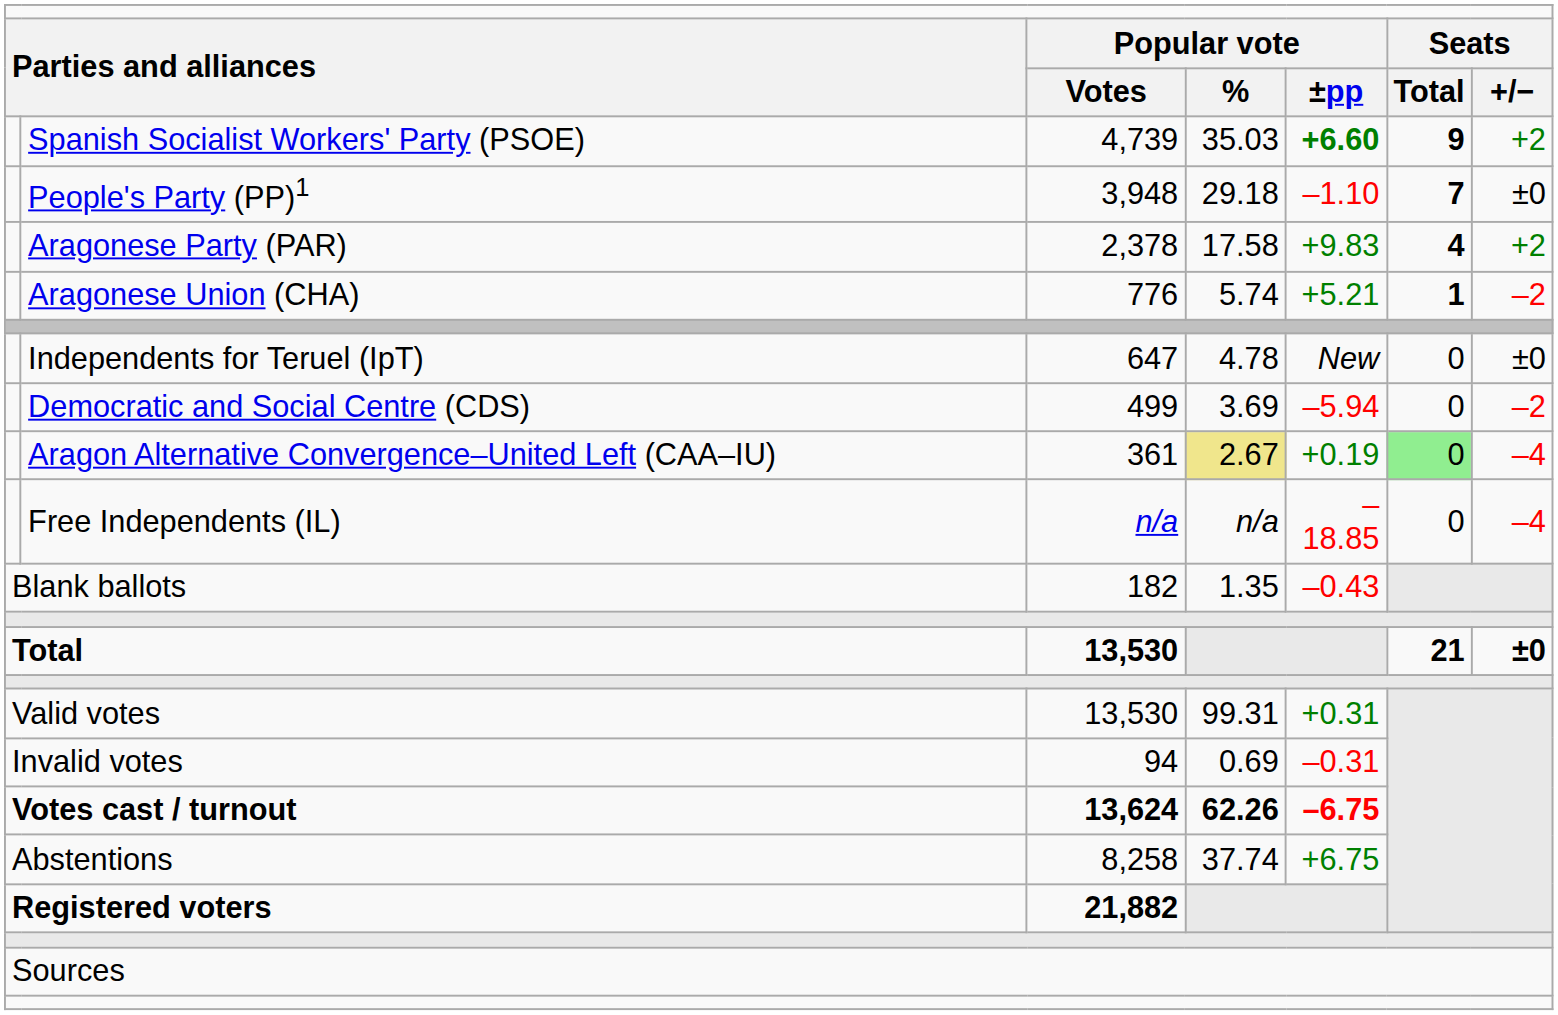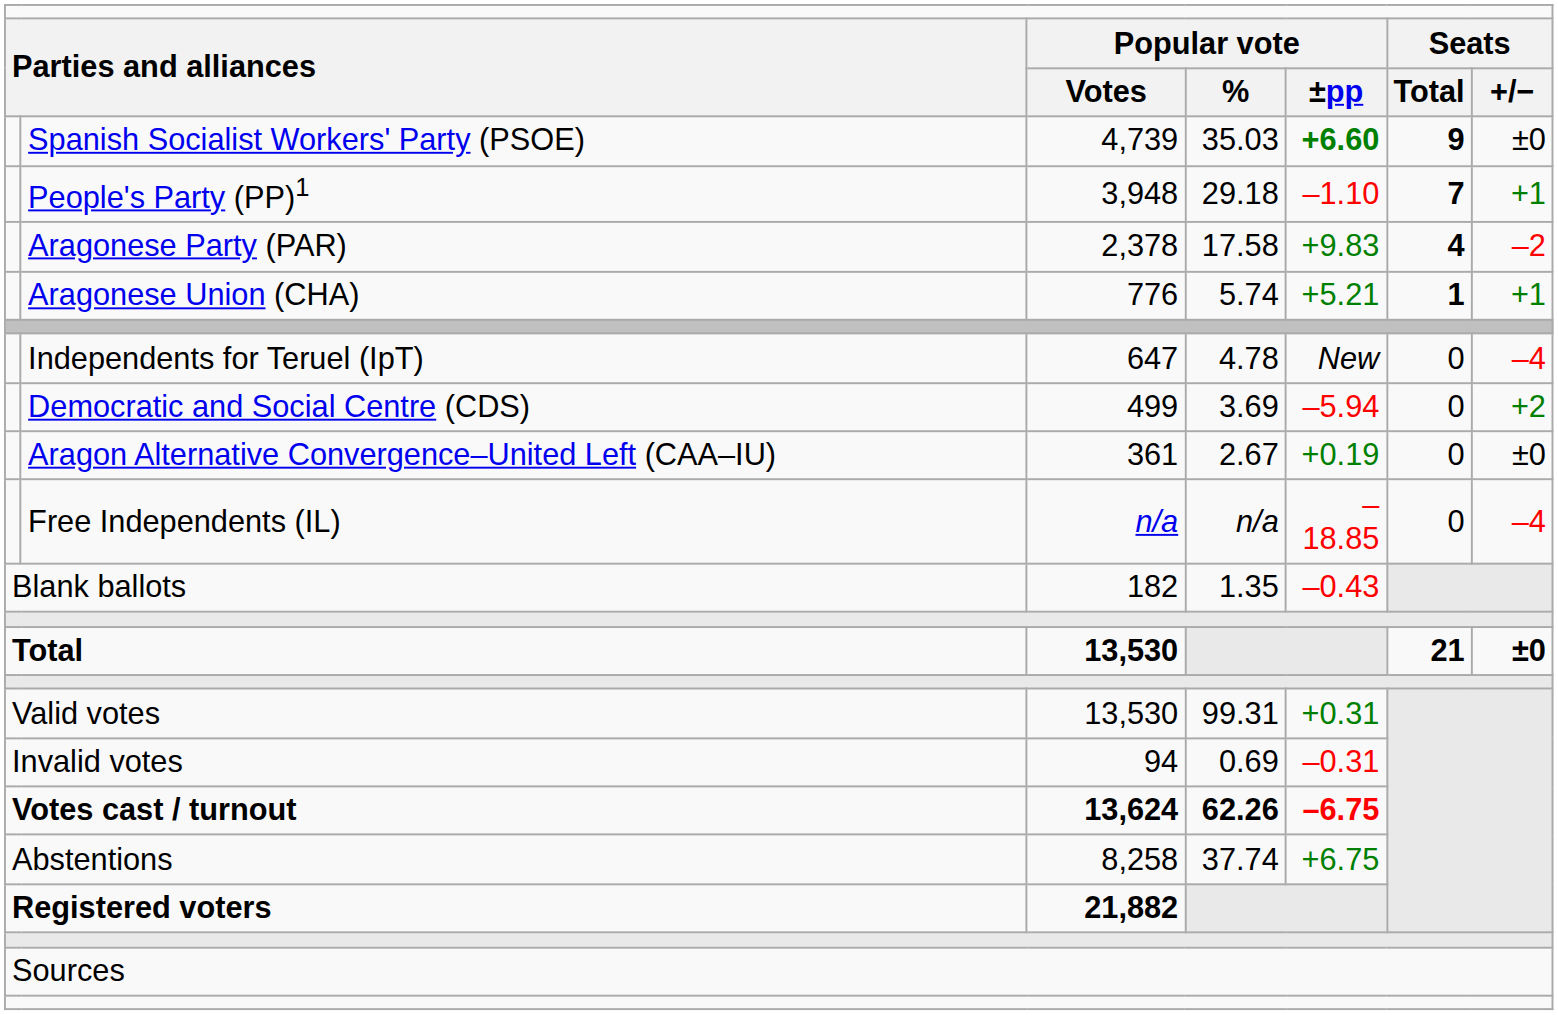 <table class="wikitable" style="text-align:right;">
 <tr>
 <td colspan="7"></td>
 </tr>
 <tr>
 <th style="text-align:left;" rowspan="2" colspan="2" width="525">Parties and alliances</th>
 <th colspan="3">Popular vote</th>
 <th colspan="2">Seats</th>
 </tr>
 <tr>
 <th width="75">Votes</th>
 <th width="45">%</th>
 <th width="45">±<a href='#'>pp</a></th>
 <th width="35">Total</th>
 <th width="35">+/−</th>
 </tr>
 <tr>
 <td width="1" style="color:inherit;background:"></td>
 <td align="left"><a href='#'>Spanish Socialist Workers' Party</a> (PSOE)</td>
 <td>4,739</td>
 <td>35.03</td>
 <td style="color:green;"><strong>+6.60</strong></td>
 <td><strong>9</strong></td>
-<td style="color:green;">+2</td>
+<td>±0</td>
 </tr>
 <tr>
 <td style="color:inherit;background:"></td>
 <td align="left"><a href='#'>People's Party</a> (PP)<sup>1</sup></td>
 <td>3,948</td>
 <td>29.18</td>
 <td style="color:red;">–1.10</td>
 <td><strong>7</strong></td>
-<td>±0</td>
+<td style="color:green;">+1</td>
 </tr>
 <tr>
 <td style="color:inherit;background:"></td>
 <td align="left"><a href='#'>Aragonese Party</a> (PAR)</td>
 <td>2,378</td>
 <td>17.58</td>
 <td style="color:green;">+9.83</td>
 <td><strong>4</strong></td>
-<td style="color:green;">+2</td>
+<td style="color:red;">–2</td>
 </tr>
 <tr>
 <td style="color:inherit;background:"></td>
 <td align="left"><a href='#'>Aragonese Union</a> (CHA)</td>
 <td>776</td>
 <td>5.74</td>
 <td style="color:green;">+5.21</td>
 <td><strong>1</strong></td>
-<td style="color:red;">–2</td>
+<td style="color:green;">+1</td>
 </tr>
 <tr>
 <td colspan="7" bgcolor="#C0C0C0"></td>
 </tr>
 <tr>
 <td style="color:inherit;background:"></td>
 <td align="left">Independents for Teruel (IpT)</td>
 <td>647</td>
 <td>4.78</td>
 <td><em>New</em></td>
 <td>0</td>
-<td>±0</td>
+<td style="color:red;">–4</td>
 </tr>
 <tr>
 <td style="color:inherit;background:"></td>
 <td align="left"><a href='#'>Democratic and Social Centre</a> (CDS)</td>
 <td>499</td>
 <td>3.69</td>
 <td style="color:red;">–5.94</td>
 <td>0</td>
-<td style="color:red;">–2</td>
+<td style="color:green;">+2</td>
 </tr>
 <tr>
 <td style="color:inherit;background:"></td>
 <td align="left"><a href='#'>Aragon Alternative Convergence–United Left</a> (CAA–IU)</td>
 <td>361</td>
-<td style="background: khaki;">2.67</td>
+<td>2.67</td>
 <td style="color:green;">+0.19</td>
-<td style="background: lightgreen;">0</td>
-<td style="color:red;">–4</td>
+<td>0</td>
+<td>±0</td>
 </tr>
 <tr>
 <td style="color:inherit;background:"></td>
 <td align="left">Free Independents (IL)</td>
 <td><em><a href='#'>n/a</a></em></td>
 <td><em>n/a</em></td>
 <td style="color:red;">–18.85</td>
 <td>0</td>
 <td style="color:red;">–4</td>
 </tr>
 <tr>
 <td align="left" colspan="2">Blank ballots</td>
 <td>182</td>
 <td>1.35</td>
 <td style="color:red;">–0.43</td>
 <td bgcolor="#E9E9E9" colspan="2"></td>
 </tr>
 <tr>
 <td colspan="7" bgcolor="#E9E9E9"></td>
 </tr>
 <tr style="font-weight:bold;">
 <td align="left" colspan="2">Total</td>
 <td>13,530</td>
 <td bgcolor="#E9E9E9" colspan="2"></td>
 <td>21</td>
 <td>±0</td>
 </tr>
 <tr>
 <td colspan="7" bgcolor="#E9E9E9"></td>
 </tr>
 <tr>
 <td align="left" colspan="2">Valid votes</td>
 <td>13,530</td>
 <td>99.31</td>
 <td style="color:green;">+0.31</td>
 <td bgcolor="#E9E9E9" colspan="2" rowspan="5"></td>
 </tr>
 <tr>
 <td align="left" colspan="2">Invalid votes</td>
 <td>94</td>
 <td>0.69</td>
 <td style="color:red;">–0.31</td>
 </tr>
 <tr style="font-weight:bold;">
 <td align="left" colspan="2">Votes cast / turnout</td>
 <td>13,624</td>
 <td>62.26</td>
 <td style="color:red;">–6.75</td>
 </tr>
 <tr>
 <td align="left" colspan="2">Abstentions</td>
 <td>8,258</td>
 <td>37.74</td>
 <td style="color:green;">+6.75</td>
 </tr>
 <tr style="font-weight:bold;">
 <td align="left" colspan="2">Registered voters</td>
 <td>21,882</td>
 <td bgcolor="#E9E9E9" colspan="2"></td>
 </tr>
 <tr>
 <td colspan="7" bgcolor="#E9E9E9"></td>
 </tr>
 <tr>
 <td align="left" colspan="7">Sources</td>
 </tr>
 <tr>
 <td colspan="7" style="text-align:left; max-width:790px;"></td>
 </tr>
 </table>
